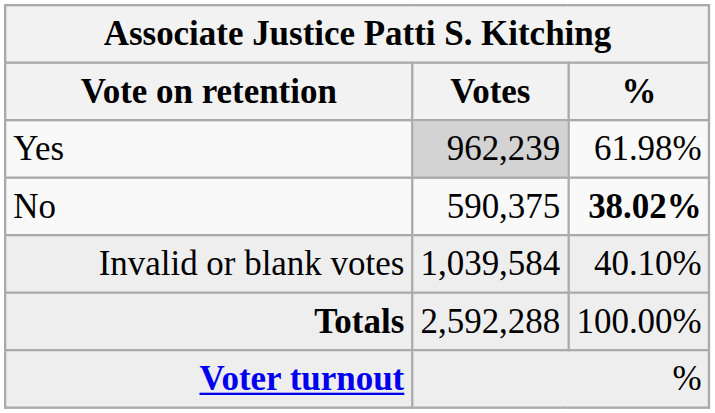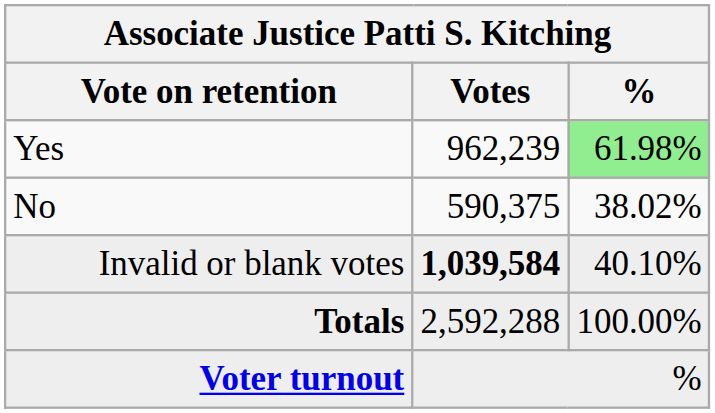 <table class="wikitable" style="font-size: 95%;">
 <tr style="background-color:#E9E9E9">
 <th colspan=7>Associate Justice Patti S. Kitching</th>
 </tr>
 <tr style="background-color:#E9E9E9">
 <th style="width: 170px">Vote on retention</th>
 <th style="width: 50px">Votes</th>
 <th style="width: 40px">%</th>
 </tr>
 <tr>
 <td>Yes</td>
-<td align="right" style="background: lightgrey;">962,239</td>
-<td align="right">61.98%</td>
+<td align="right">962,239</td>
+<td align="right" style="background: lightgreen;">61.98%</td>
 </tr>
 <tr>
 <td>No</td>
 <td align="right">590,375</td>
-<td align="right"><strong>38.02%</strong></td>
+<td align="right">38.02%</td>
 </tr>
 <tr style="background-color:#EEEEEE">
 <td align="right">Invalid or blank votes</td>
-<td align="right">1,039,584</td>
+<td align="right"><strong>1,039,584</strong></td>
 <td align="right">40.10%</td>
 </tr>
 <tr style="background-color:#EEEEEE">
 <td colspan="1" align="right"><strong>Totals</strong></td>
 <td align="right">2,592,288</td>
 <td align="right">100.00%</td>
 </tr>
 <tr style="background-color:#EEEEEE">
 <td align="right"><strong><a href='#'>Voter turnout</a></strong></td>
 <td colspan="2" align="right">%</td>
 </tr>
 </table>
